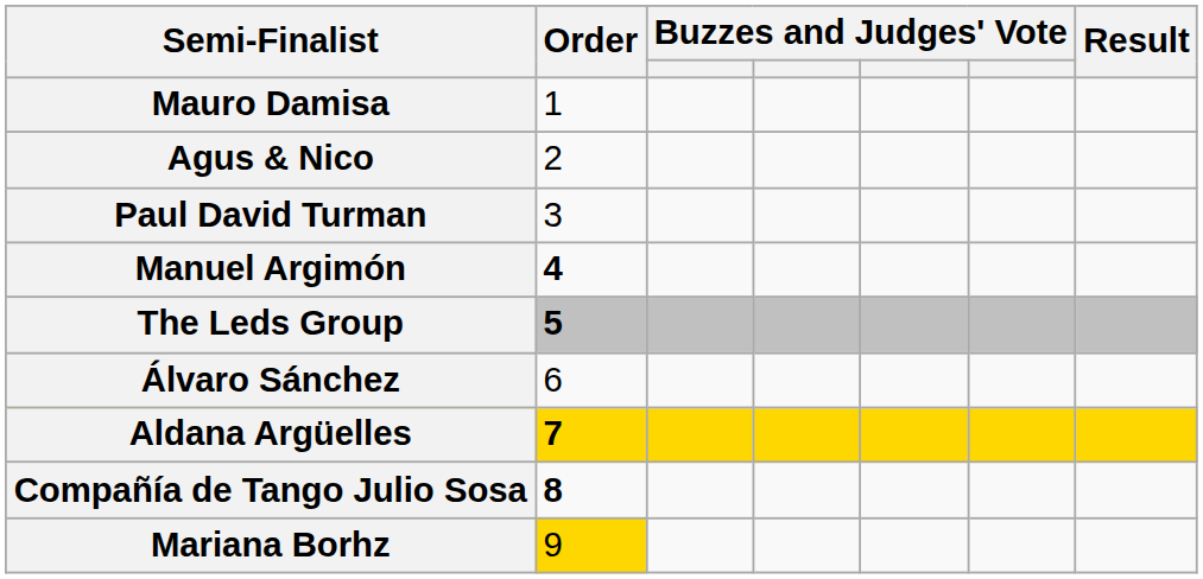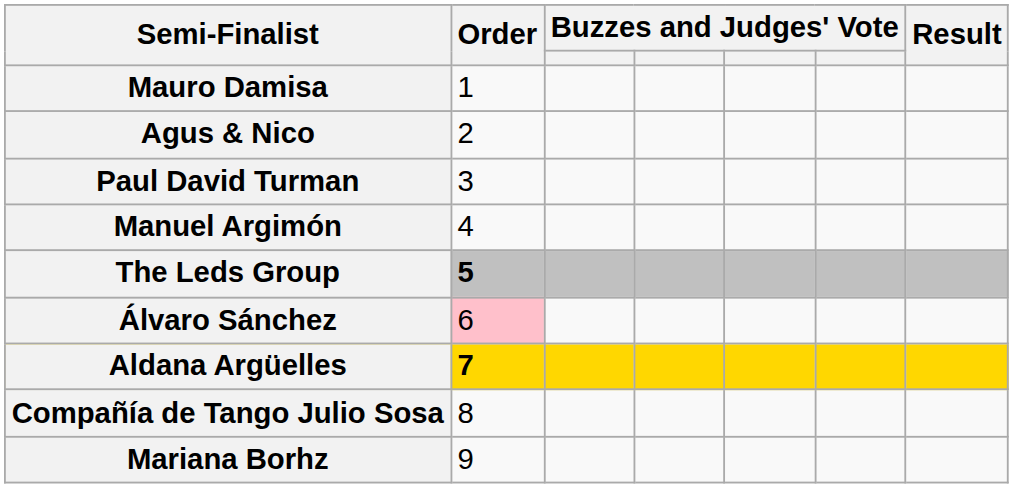 <table class="wikitable plainrowheaders sortable">
 <tr>
 <th rowspan="2" class="unsortable" scope="col">Semi-Finalist</th>
 <th rowspan="2" scope="col">Order</th>
 <th colspan="4" class="unsortable" scope="col">Buzzes and Judges' Vote</th>
 <th rowspan="2" scope="col">Result</th>
 </tr>
 <tr>
 <th class="unsortable" scope="col"></th>
 <th class="unsortable" scope="col"></th>
 <th class="unsortable" scope="col"></th>
 <th></th>
 </tr>
 <tr>
 <th scope="row">Mauro Damisa</th>
 <td>1</td>
 <td></td>
 <td></td>
 <td></td>
 <td></td>
 <td></td>
 </tr>
 <tr>
 <th scope="row">Agus & Nico</th>
 <td>2</td>
 <td></td>
 <td></td>
 <td></td>
 <td></td>
 <td></td>
 </tr>
 <tr>
 <th scope="row">Paul David Turman</th>
 <td>3</td>
 <td style="text-align:center;"></td>
 <td></td>
 <td></td>
 <td></td>
 <td></td>
 </tr>
 <tr>
 <th scope="row">Manuel Argimón</th>
-<td><strong>4</strong></td>
+<td>4</td>
 <td></td>
 <td></td>
 <td></td>
 <td></td>
 <td></td>
 </tr>
 <tr bgcolor="silver">
 <th scope="row">The Leds Group</th>
 <td><strong>5</strong></td>
 <td style="text-align:center;"></td>
 <td></td>
 <td style="text-align:center;"></td>
 <td style="text-align:center;"></td>
 <td><strong></strong></td>
 </tr>
 <tr>
 <th scope="row">Álvaro Sánchez</th>
-<td>6</td>
+<td style="background: pink;">6</td>
 <td></td>
 <td></td>
 <td style="text-align:center;"></td>
 <td></td>
 <td></td>
 </tr>
 <tr bgcolor="gold">
 <th scope="row">Aldana Argüelles</th>
 <td><strong>7</strong></td>
 <td></td>
 <td></td>
 <td></td>
 <td></td>
 <td><strong></strong></td>
 </tr>
 <tr>
 <th scope="row">Compañía de Tango Julio Sosa</th>
-<td><strong>8</strong></td>
+<td>8</td>
 <td></td>
 <td style="text-align:center;"></td>
 <td></td>
 <td></td>
 <td></td>
 </tr>
 <tr>
 <th scope="row">Mariana Borhz</th>
-<td style="background: gold;">9</td>
+<td>9</td>
 <td></td>
 <td style="text-align:center;"></td>
 <td></td>
 <td></td>
 <td></td>
 </tr>
 </table>
